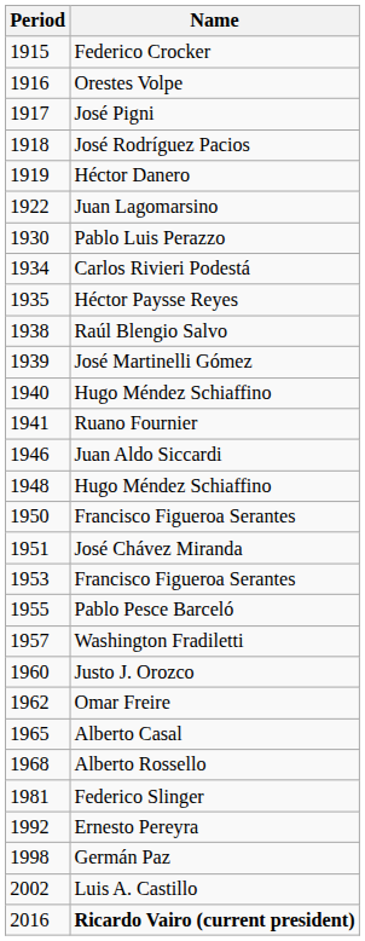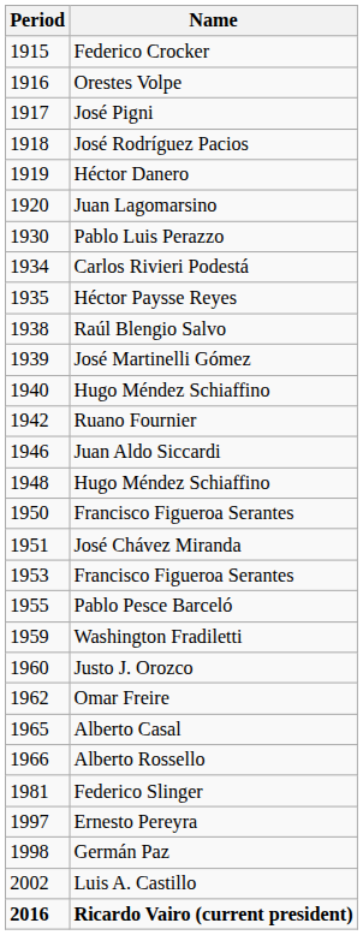 <table class="wikitable">
 <tr>
 <th>Period</th>
 <th>Name</th>
 </tr>
 <tr>
 <td>1915</td>
 <td>Federico Crocker</td>
 </tr>
 <tr>
 <td>1916</td>
 <td>Orestes Volpe</td>
 </tr>
 <tr>
 <td>1917</td>
 <td>José Pigni</td>
 </tr>
 <tr>
 <td>1918</td>
 <td>José Rodríguez Pacios</td>
 </tr>
 <tr>
 <td>1919</td>
 <td>Héctor Danero</td>
 </tr>
 <tr>
-<td>1922</td>
+<td>1920</td>
 <td>Juan Lagomarsino</td>
 </tr>
 <tr>
 <td>1930</td>
 <td>Pablo Luis Perazzo</td>
 </tr>
 <tr>
 <td>1934</td>
 <td>Carlos Rivieri Podestá</td>
 </tr>
 <tr>
 <td>1935</td>
 <td>Héctor Paysse Reyes</td>
 </tr>
 <tr>
 <td>1938</td>
 <td>Raúl Blengio Salvo</td>
 </tr>
 <tr>
 <td>1939</td>
 <td>José Martinelli Gómez</td>
 </tr>
 <tr>
 <td>1940</td>
 <td>Hugo Méndez Schiaffino</td>
 </tr>
 <tr>
-<td>1941</td>
+<td>1942</td>
 <td>Ruano Fournier</td>
 </tr>
 <tr>
 <td>1946</td>
 <td>Juan Aldo Siccardi</td>
 </tr>
 <tr>
 <td>1948</td>
 <td>Hugo Méndez Schiaffino</td>
 </tr>
 <tr>
 <td>1950</td>
 <td>Francisco Figueroa Serantes</td>
 </tr>
 <tr>
 <td>1951</td>
 <td>José Chávez Miranda</td>
 </tr>
 <tr>
 <td>1953</td>
 <td>Francisco Figueroa Serantes</td>
 </tr>
 <tr>
 <td>1955</td>
 <td>Pablo Pesce Barceló</td>
 </tr>
 <tr>
-<td>1957</td>
+<td>1959</td>
 <td>Washington Fradiletti</td>
 </tr>
 <tr>
 <td>1960</td>
 <td>Justo J. Orozco</td>
 </tr>
 <tr>
 <td>1962</td>
 <td>Omar Freire</td>
 </tr>
 <tr>
 <td>1965</td>
 <td>Alberto Casal</td>
 </tr>
 <tr>
-<td>1968</td>
+<td>1966</td>
 <td>Alberto Rossello</td>
 </tr>
 <tr>
 <td>1981</td>
 <td>Federico Slinger</td>
 </tr>
 <tr>
-<td>1992</td>
+<td>1997</td>
 <td>Ernesto Pereyra</td>
 </tr>
 <tr>
 <td>1998</td>
 <td>Germán Paz</td>
 </tr>
 <tr>
 <td>2002</td>
 <td>Luis A. Castillo</td>
 </tr>
 <tr>
-<td>2016</td>
+<td><strong>2016</strong></td>
 <td><strong>Ricardo Vairo (current president)</strong></td>
 </tr>
 </table>
